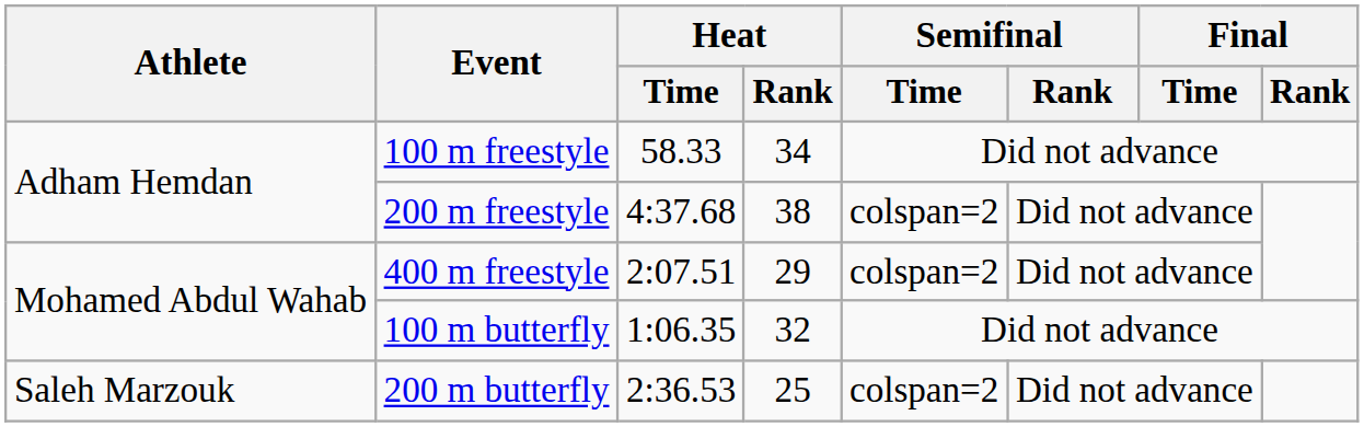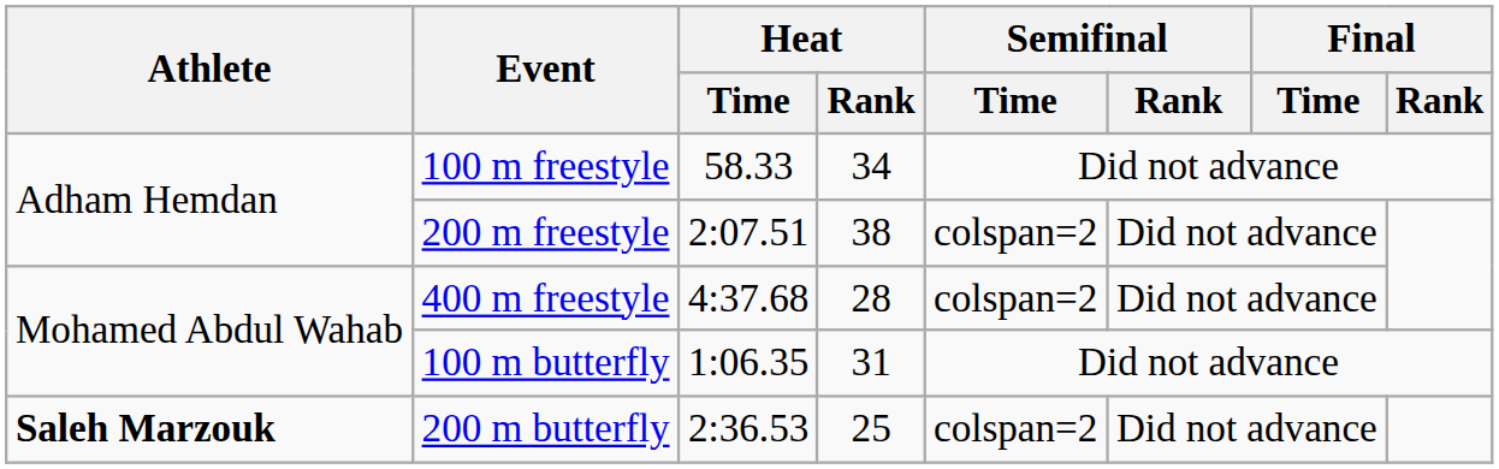 <table class=wikitable style=font-size:90%;text-align:center>
 <tr>
 <th rowspan=2>Athlete</th>
 <th rowspan=2>Event</th>
 <th colspan=2>Heat</th>
 <th colspan=2>Semifinal</th>
 <th colspan=2>Final</th>
 </tr>
 <tr style=font-size:95%>
 <th>Time</th>
 <th>Rank</th>
 <th>Time</th>
 <th>Rank</th>
 <th>Time</th>
 <th>Rank</th>
 </tr>
 <tr>
 <td rowspan=2 align=left>Adham Hemdan</td>
 <td align=left><a href='#'>100 m freestyle</a></td>
 <td>58.33</td>
 <td>34</td>
 <td colspan=4>Did not advance</td>
 </tr>
 <tr>
 <td align=left><a href='#'>200 m freestyle</a></td>
-<td>4:37.68</td>
+<td>2:07.51</td>
 <td>38</td>
 <td>colspan=2 </td>
 <td colspan=2>Did not advance</td>
 </tr>
 <tr>
 <td rowspan=2 align=left>Mohamed Abdul Wahab</td>
 <td align=left><a href='#'>400 m freestyle</a></td>
-<td>2:07.51</td>
-<td>29</td>
+<td>4:37.68</td>
+<td>28</td>
 <td>colspan=2 </td>
 <td colspan=2>Did not advance</td>
 </tr>
 <tr>
 <td align=left><a href='#'>100 m butterfly</a></td>
 <td>1:06.35</td>
-<td>32</td>
+<td>31</td>
 <td colspan=4>Did not advance</td>
 </tr>
 <tr>
-<td align=left>Saleh Marzouk</td>
+<td align=left><strong>Saleh Marzouk</strong></td>
 <td align=left><a href='#'>200 m butterfly</a></td>
 <td>2:36.53</td>
 <td>25</td>
 <td>colspan=2 </td>
 <td colspan=2>Did not advance</td>
 </tr>
 </table>
